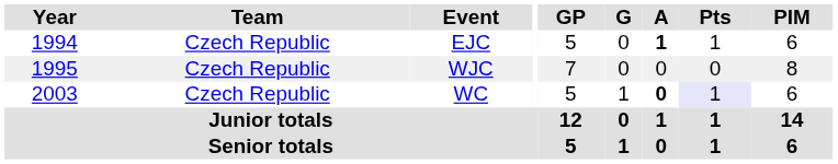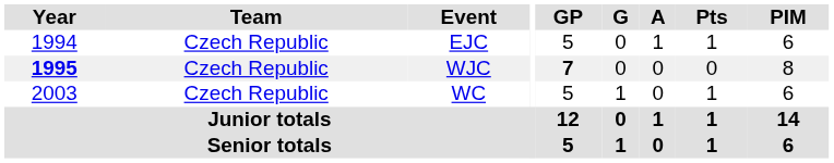 <table border="0" cellpadding="1" cellspacing="0" ID="Table3" style="text-align:center; width:40em">
 <tr bgcolor="#e0e0e0">
 <th>Year</th>
 <th>Team</th>
 <th>Event</th>
 <th rowspan="102" bgcolor="#ffffff"></th>
 <th>GP</th>
 <th>G</th>
 <th>A</th>
 <th>Pts</th>
 <th>PIM</th>
 </tr>
 <tr>
 <td><a href='#'>1994</a></td>
 <td><a href='#'>Czech Republic</a></td>
 <td><a href='#'>EJC</a></td>
 <td>5</td>
 <td>0</td>
-<td><strong>1</strong></td>
+<td>1</td>
 <td>1</td>
 <td>6</td>
 </tr>
 <tr bgcolor="#f0f0f0">
-<td><a href='#'>1995</a></td>
+<td><strong><a href='#'>1995</a></strong></td>
 <td><a href='#'>Czech Republic</a></td>
 <td><a href='#'>WJC</a></td>
-<td>7</td>
+<td><strong>7</strong></td>
 <td>0</td>
 <td>0</td>
 <td>0</td>
 <td>8</td>
 </tr>
 <tr>
 <td><a href='#'>2003</a></td>
 <td><a href='#'>Czech Republic</a></td>
 <td><a href='#'>WC</a></td>
 <td>5</td>
 <td>1</td>
-<td><strong>0</strong></td>
-<td style="background: lavender;">1</td>
+<td>0</td>
+<td>1</td>
 <td>6</td>
 </tr>
 <tr bgcolor="#e0e0e0">
 <th colspan="4">Junior totals</th>
 <th>12</th>
 <th>0</th>
 <th>1</th>
 <th>1</th>
 <th>14</th>
 </tr>
 <tr bgcolor="#e0e0e0">
 <th colspan="4">Senior totals</th>
 <th>5</th>
 <th>1</th>
 <th>0</th>
 <th>1</th>
 <th>6</th>
 </tr>
 </table>
